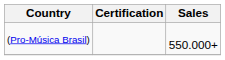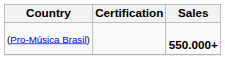 <table class="wikitable">
 <tr>
 <th>Country</th>
 <th>Certification</th>
 <th>Sales</th>
 </tr>
 <tr>
 <td> <small>(<a href='#'>Pro-Música Brasil</a>)</small></td>
 <td align="center"><br></td>
-<td><br>550.000+</td>
+<td><strong><br>550.000+</strong></td>
 </tr>
 <tr>
 </tr>
 </table>
